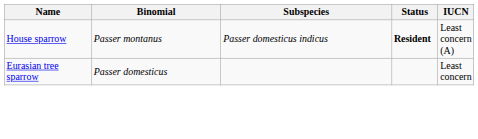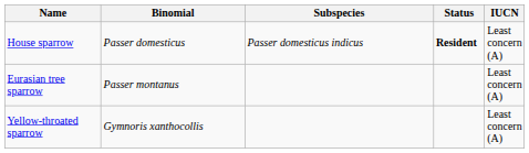 <table width=60% class="wikitable">
 <tr>
 <th width=20%>Name</th>
 <th width=30%>Binomial</th>
 <th width=40%>Subspecies</th>
 <th width=30%>Status</th>
 <th width=30%>IUCN</th>
 </tr>
 <tr>
 <td><a href='#'>House sparrow</a><br> </td>
-<td><em>Passer montanus</em></td>
+<td><em>Passer domesticus</em></td>
 <td><em>Passer domesticus indicus</em></td>
 <td><strong>Resident</strong></td>
 <td>Least concern<br>(A)</td>
 </tr>
 <tr>
 <td><a href='#'>Eurasian tree sparrow</a><br></td>
-<td><em>Passer domesticus</em></td>
+<td><em>Passer montanus</em></td>
 <td></td>
 <td></td>
-<td>Least concern</td>
+<td>Least concern<br>(A)</td>
+</tr>
+<tr>
+<td><a href='#'>Yellow-throated sparrow</a><br></td>
+<td><em>Gymnoris xanthocollis</em></td>
+<td></td>
+<td></td>
+<td>Least concern<br>(A)</td>
 </tr>
 </table>
